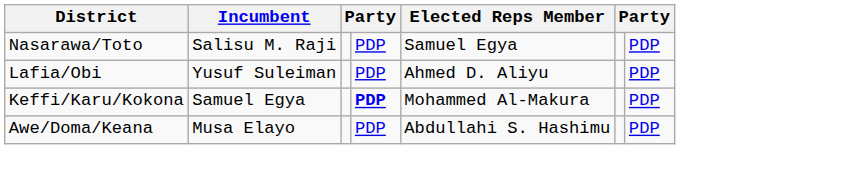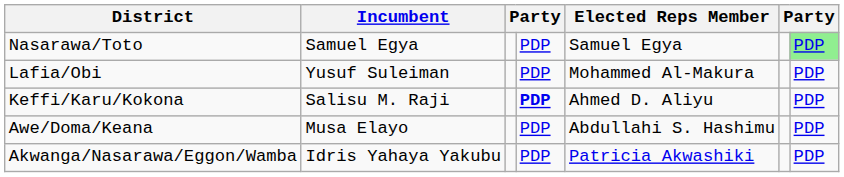 <table class="sortable wikitable" style="font-size:95%;line-height:14px;">
 <tr>
 <th class="unsortable">District</th>
 <th class="unsortable"><a href='#'>Incumbent</a></th>
 <th colspan="2">Party</th>
 <th class="unsortable">Elected Reps Member</th>
 <th colspan="2">Party</th>
 </tr>
 <tr>
 <td>Nasarawa/Toto</td>
-<td>Salisu M. Raji</td>
+<td>Samuel Egya</td>
 <td style="background:"></td>
 <td><a href='#'>PDP</a></td>
 <td>Samuel Egya</td>
 <td style="background:"></td>
-<td><a href='#'>PDP</a></td>
+<td style="background: lightgreen;"><a href='#'>PDP</a></td>
 </tr>
 <tr>
 <td>Lafia/Obi</td>
 <td>Yusuf Suleiman</td>
 <td style="background:"></td>
 <td><a href='#'>PDP</a></td>
-<td>Ahmed D. Aliyu</td>
+<td>Mohammed Al-Makura</td>
 <td style="background:"></td>
 <td><a href='#'>PDP</a></td>
 </tr>
 <tr>
 <td>Keffi/Karu/Kokona</td>
-<td>Samuel Egya</td>
+<td>Salisu M. Raji</td>
 <td style="background:"></td>
 <td><strong><a href='#'>PDP</a></strong></td>
-<td>Mohammed Al-Makura</td>
+<td>Ahmed D. Aliyu</td>
 <td style="background:"></td>
 <td><a href='#'>PDP</a></td>
 </tr>
 <tr>
 <td>Awe/Doma/Keana</td>
 <td>Musa Elayo</td>
 <td style="background:"></td>
 <td><a href='#'>PDP</a></td>
 <td>Abdullahi S. Hashimu</td>
 <td style="background:"></td>
 <td><a href='#'>PDP</a></td>
 </tr>
+<tr>
+<td>Akwanga/Nasarawa/Eggon/Wamba</td>
+<td>Idris Yahaya Yakubu</td>
+<td style="background:"></td>
+<td><a href='#'>PDP</a></td>
+<td><a href='#'>Patricia Akwashiki</a></td>
+<td style="background:"></td>
+<td><a href='#'>PDP</a></td>
+</tr>
 </table>
